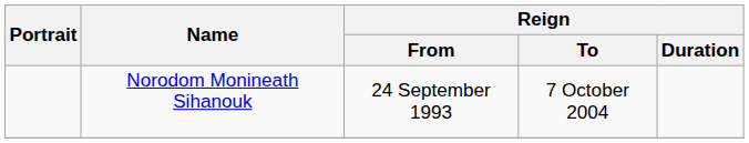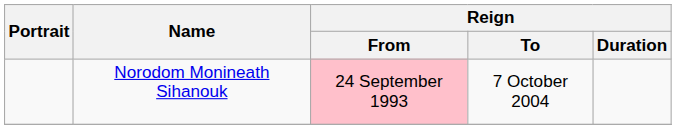 <table class="wikitable sortable" style="text-align:center; font-size:100%; width:100%">
 <tr>
 <th rowspan="2">Portrait</th>
 <th rowspan="2">Name</th>
 <th colspan="3">Reign</th>
 </tr>
 <tr>
 <th>From</th>
 <th>To</th>
 <th>Duration</th>
 </tr>
 <tr>
 <td><br></td>
 <td><a href='#'>Norodom Monineath Sihanouk</a><br><br></td>
-<td>24 September 1993</td>
+<td style="background: pink;">24 September 1993</td>
 <td>7 October 2004</td>
 <td></td>
 </tr>
 <tr>
 </tr>
 </table>
